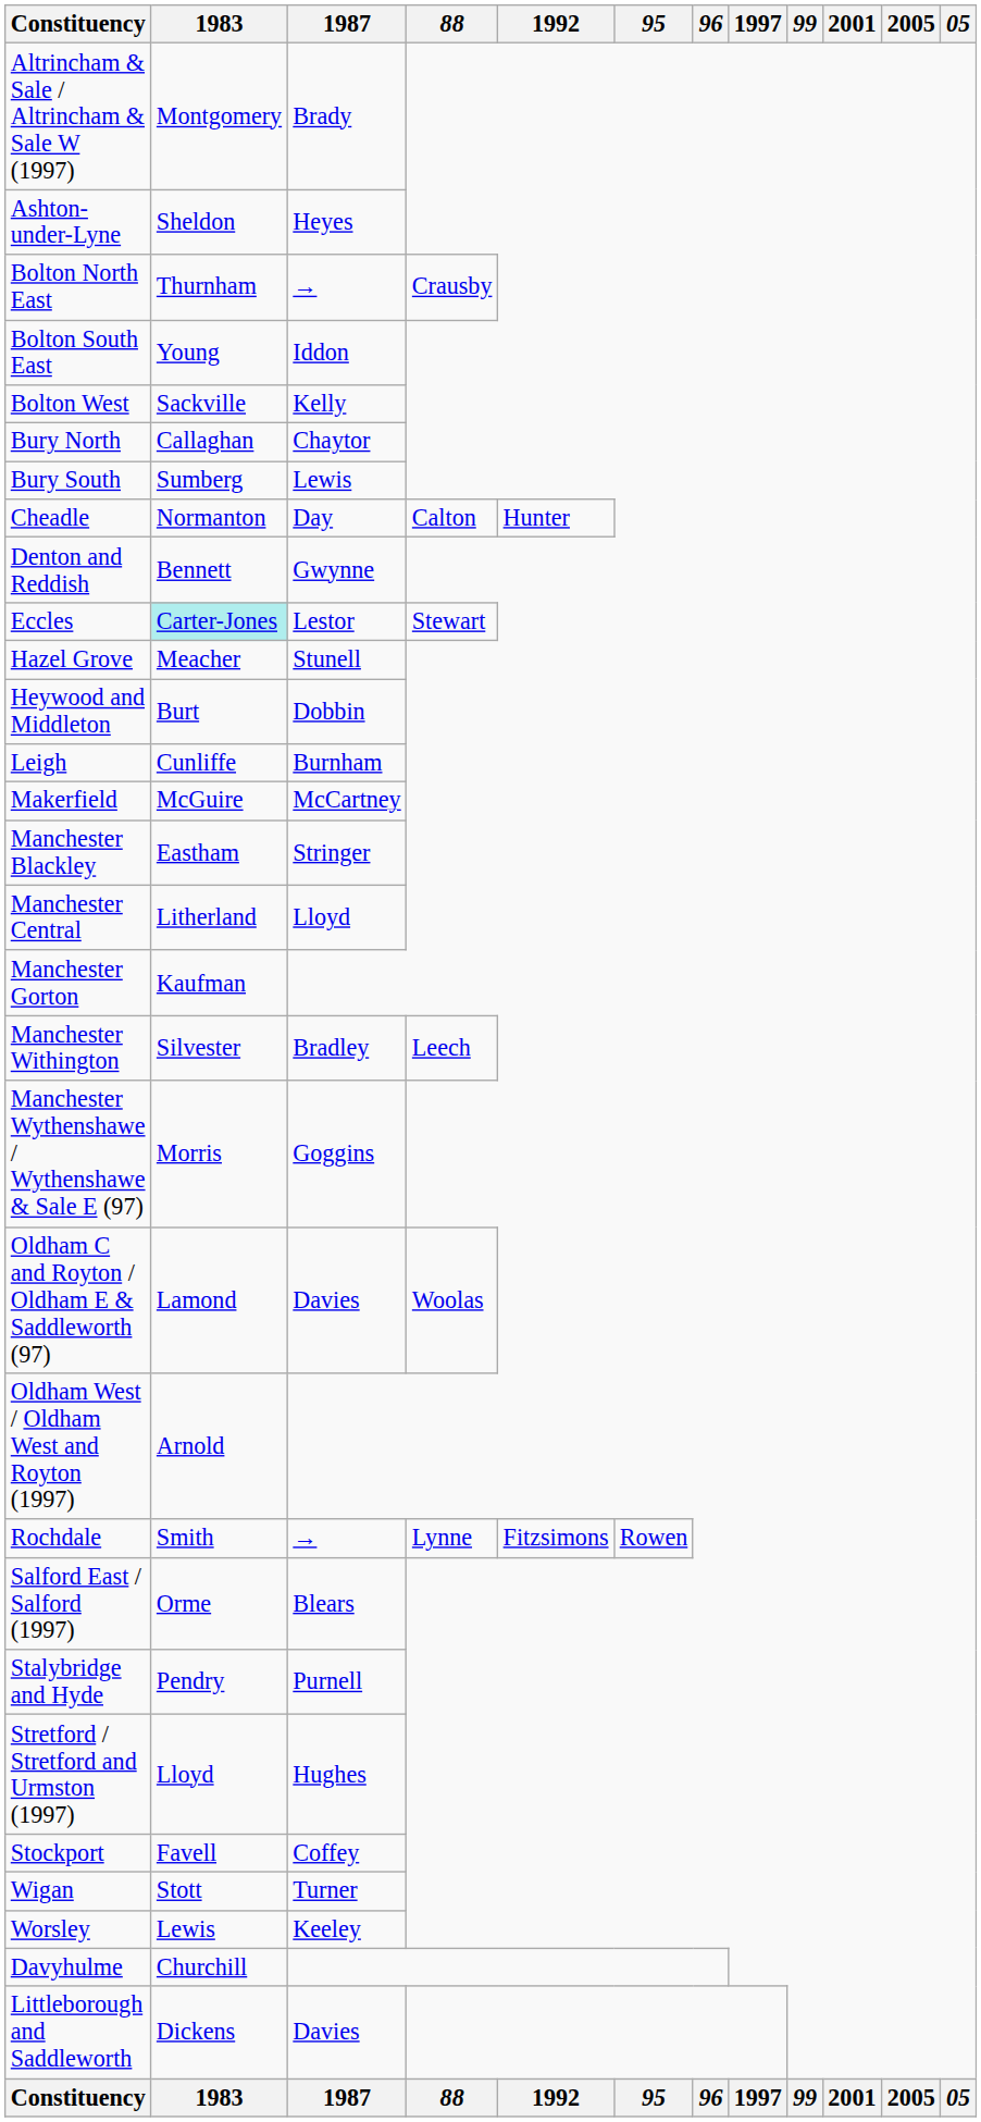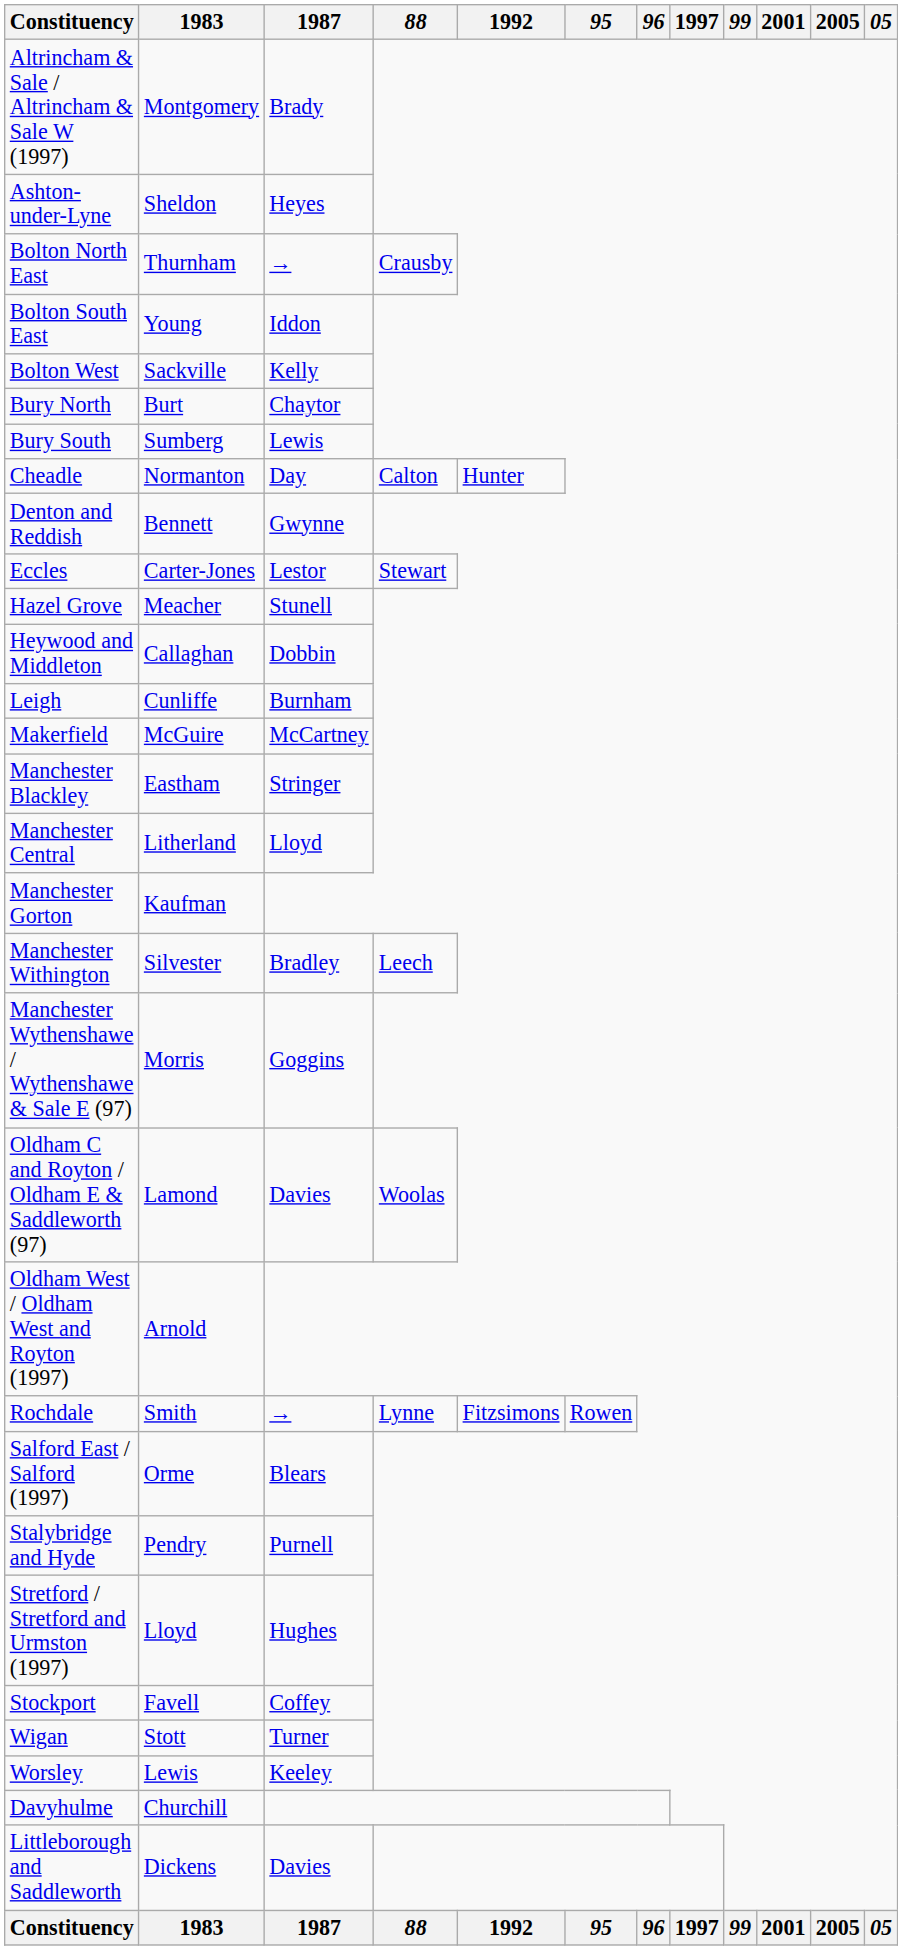 <table class="wikitable">
 <tr>
 <th>Constituency</th>
 <th>1983</th>
 <th>1987</th>
 <th><em>88</em></th>
 <th>1992</th>
 <th><em>95</em></th>
 <th><em>96</em></th>
 <th>1997</th>
 <th><em>99</em></th>
 <th>2001</th>
 <th>2005</th>
 <th><em>05</em></th>
 </tr>
 <tr>
 <td><a href='#'>Altrincham & Sale</a> / <a href='#'>Altrincham & Sale W</a> (1997)</td>
 <td><a href='#'>Montgomery</a></td>
 <td><a href='#'>Brady</a></td>
 </tr>
 <tr>
 <td><a href='#'>Ashton-under-Lyne</a></td>
 <td><a href='#'>Sheldon</a></td>
 <td><a href='#'>Heyes</a></td>
 </tr>
 <tr>
 <td><a href='#'>Bolton North East</a></td>
 <td><a href='#'>Thurnham</a></td>
 <td><a href='#'>→</a></td>
 <td><a href='#'>Crausby</a></td>
 </tr>
 <tr>
 <td><a href='#'>Bolton South East</a></td>
 <td><a href='#'>Young</a></td>
 <td><a href='#'>Iddon</a></td>
 </tr>
 <tr>
 <td><a href='#'>Bolton West</a></td>
 <td><a href='#'>Sackville</a></td>
 <td><a href='#'>Kelly</a></td>
 </tr>
 <tr>
 <td><a href='#'>Bury North</a></td>
-<td><a href='#'>Callaghan</a></td>
+<td><a href='#'>Burt</a></td>
 <td><a href='#'>Chaytor</a></td>
 </tr>
 <tr>
 <td><a href='#'>Bury South</a></td>
 <td><a href='#'>Sumberg</a></td>
 <td><a href='#'>Lewis</a></td>
 </tr>
 <tr>
 <td><a href='#'>Cheadle</a></td>
 <td><a href='#'>Normanton</a></td>
 <td><a href='#'>Day</a></td>
 <td><a href='#'>Calton</a></td>
 <td><a href='#'>Hunter</a></td>
 </tr>
 <tr>
 <td><a href='#'>Denton and Reddish</a></td>
 <td><a href='#'>Bennett</a></td>
 <td><a href='#'>Gwynne</a></td>
 </tr>
 <tr>
 <td><a href='#'>Eccles</a></td>
-<td style="background: paleturquoise;"><a href='#'>Carter-Jones</a></td>
+<td><a href='#'>Carter-Jones</a></td>
 <td><a href='#'>Lestor</a></td>
 <td><a href='#'>Stewart</a></td>
 </tr>
 <tr>
 <td><a href='#'>Hazel Grove</a></td>
 <td><a href='#'>Meacher</a></td>
 <td><a href='#'>Stunell</a></td>
 </tr>
 <tr>
 <td><a href='#'>Heywood and Middleton</a></td>
-<td><a href='#'>Burt</a></td>
+<td><a href='#'>Callaghan</a></td>
 <td><a href='#'>Dobbin</a></td>
 </tr>
 <tr>
 <td><a href='#'>Leigh</a></td>
 <td><a href='#'>Cunliffe</a></td>
 <td><a href='#'>Burnham</a></td>
 </tr>
 <tr>
 <td><a href='#'>Makerfield</a></td>
 <td><a href='#'>McGuire</a></td>
 <td><a href='#'>McCartney</a></td>
 </tr>
 <tr>
 <td><a href='#'>Manchester Blackley</a></td>
 <td><a href='#'>Eastham</a></td>
 <td><a href='#'>Stringer</a></td>
 </tr>
 <tr>
 <td><a href='#'>Manchester Central</a></td>
 <td><a href='#'>Litherland</a></td>
 <td><a href='#'>Lloyd</a></td>
 </tr>
 <tr>
 <td><a href='#'>Manchester Gorton</a></td>
 <td><a href='#'>Kaufman</a></td>
 </tr>
 <tr>
 <td><a href='#'>Manchester Withington</a></td>
 <td><a href='#'>Silvester</a></td>
 <td><a href='#'>Bradley</a></td>
 <td><a href='#'>Leech</a></td>
 </tr>
 <tr>
 <td><a href='#'>Manchester Wythenshawe</a> / <a href='#'>Wythenshawe & Sale E</a> (97)</td>
 <td><a href='#'>Morris</a></td>
 <td><a href='#'>Goggins</a></td>
 </tr>
 <tr>
 <td><a href='#'>Oldham C and Royton</a> / <a href='#'>Oldham E & Saddleworth</a> (97)</td>
 <td><a href='#'>Lamond</a></td>
 <td><a href='#'>Davies</a></td>
 <td><a href='#'>Woolas</a></td>
 </tr>
 <tr>
 <td><a href='#'>Oldham West</a> / <a href='#'>Oldham West and Royton</a> (1997)</td>
 <td><a href='#'>Arnold</a></td>
 </tr>
 <tr>
 <td><a href='#'>Rochdale</a></td>
 <td><a href='#'>Smith</a></td>
 <td><a href='#'>→</a></td>
 <td><a href='#'>Lynne</a></td>
 <td><a href='#'>Fitzsimons</a></td>
 <td><a href='#'>Rowen</a></td>
 </tr>
 <tr>
 <td><a href='#'>Salford East</a> / <a href='#'>Salford</a> (1997)</td>
 <td><a href='#'>Orme</a></td>
 <td><a href='#'>Blears</a></td>
 </tr>
 <tr>
 <td><a href='#'>Stalybridge and Hyde</a></td>
 <td><a href='#'>Pendry</a></td>
 <td><a href='#'>Purnell</a></td>
 </tr>
 <tr>
 <td><a href='#'>Stretford</a> / <a href='#'>Stretford and Urmston</a> (1997)</td>
 <td><a href='#'>Lloyd</a></td>
 <td><a href='#'>Hughes</a></td>
 </tr>
 <tr>
 <td><a href='#'>Stockport</a></td>
 <td><a href='#'>Favell</a></td>
 <td><a href='#'>Coffey</a></td>
 </tr>
 <tr>
 <td><a href='#'>Wigan</a></td>
 <td><a href='#'>Stott</a></td>
 <td><a href='#'>Turner</a></td>
 </tr>
 <tr>
 <td><a href='#'>Worsley</a></td>
 <td><a href='#'>Lewis</a></td>
 <td><a href='#'>Keeley</a></td>
 </tr>
 <tr>
 <td><a href='#'>Davyhulme</a></td>
 <td><a href='#'>Churchill</a></td>
 <td colspan="5"></td>
 </tr>
 <tr>
 <td><a href='#'>Littleborough and Saddleworth</a></td>
 <td><a href='#'>Dickens</a></td>
 <td><a href='#'>Davies</a></td>
 <td colspan="5"></td>
 </tr>
 <tr>
 <th>Constituency</th>
 <th>1983</th>
 <th>1987</th>
 <th><em>88</em></th>
 <th>1992</th>
 <th><em>95</em></th>
 <th><em>96</em></th>
 <th>1997</th>
 <th><em>99</em></th>
 <th>2001</th>
 <th>2005</th>
 <th><em>05</em></th>
 </tr>
 </table>
